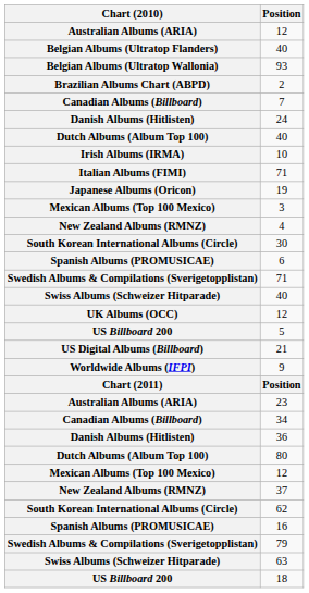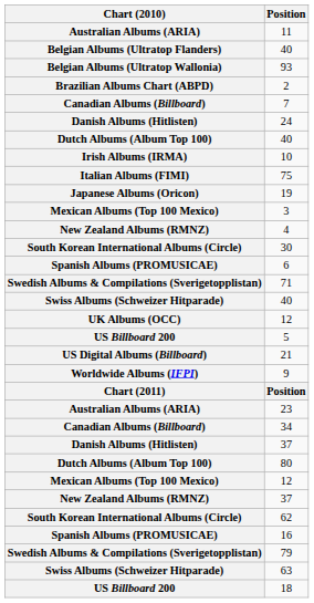 <table class="wikitable plainrowheaders" style="text-align:center">
 <tr>
 <th scope="col">Chart (2010)</th>
 <th scope="col">Position</th>
 </tr>
 <tr>
 <th scope="row">Australian Albums (ARIA)</th>
-<td>12</td>
+<td>11</td>
 </tr>
 <tr>
 <th scope="row">Belgian Albums (Ultratop Flanders)</th>
 <td>40</td>
 </tr>
 <tr>
 <th scope="row">Belgian Albums (Ultratop Wallonia)</th>
 <td>93</td>
 </tr>
 <tr>
 <th scope="row">Brazilian Albums Chart (ABPD)</th>
 <td>2</td>
 </tr>
 <tr>
 <th scope="row">Canadian Albums (<em>Billboard</em>)</th>
 <td>7</td>
 </tr>
 <tr>
 <th scope="row">Danish Albums (Hitlisten)</th>
 <td>24</td>
 </tr>
 <tr>
 <th scope="row">Dutch Albums (Album Top 100)</th>
 <td>40</td>
 </tr>
 <tr>
 <th scope="row">Irish Albums (IRMA)</th>
 <td>10</td>
 </tr>
 <tr>
 <th scope="row">Italian Albums (FIMI)</th>
-<td>71</td>
+<td>75</td>
 </tr>
 <tr>
 <th scope="row">Japanese Albums (Oricon)</th>
 <td>19</td>
 </tr>
 <tr>
 <th scope="row">Mexican Albums (Top 100 Mexico)</th>
 <td>3</td>
 </tr>
 <tr>
 <th scope="row">New Zealand Albums (RMNZ)</th>
 <td>4</td>
 </tr>
 <tr>
 <th scope="row">South Korean International Albums (Circle)</th>
 <td>30</td>
 </tr>
 <tr>
 <th scope="row">Spanish Albums (PROMUSICAE)</th>
 <td>6</td>
 </tr>
 <tr>
 <th scope="row">Swedish Albums & Compilations (Sverigetopplistan)</th>
 <td>71</td>
 </tr>
 <tr>
 <th scope="row">Swiss Albums (Schweizer Hitparade)</th>
 <td>40</td>
 </tr>
 <tr>
 <th scope="row">UK Albums (OCC)</th>
 <td>12</td>
 </tr>
 <tr>
 <th scope="row">US <em>Billboard</em> 200</th>
 <td>5</td>
 </tr>
 <tr>
 <th scope="row">US Digital Albums (<em>Billboard</em>)</th>
 <td>21</td>
 </tr>
 <tr>
 <th scope="row">Worldwide Albums (<em><a href='#'>IFPI</a></em>)</th>
 <td>9</td>
 </tr>
 <tr>
 <th scope="col">Chart (2011)</th>
 <th scope="col">Position</th>
 </tr>
 <tr>
 <th scope="row">Australian Albums (ARIA)</th>
 <td>23</td>
 </tr>
 <tr>
 <th scope="row">Canadian Albums (<em>Billboard</em>)</th>
 <td>34</td>
 </tr>
 <tr>
 <th scope="row">Danish Albums (Hitlisten)</th>
-<td>36</td>
+<td>37</td>
 </tr>
 <tr>
 <th scope="row">Dutch Albums (Album Top 100)</th>
 <td>80</td>
 </tr>
 <tr>
 <th scope="row">Mexican Albums (Top 100 Mexico)</th>
 <td>12</td>
 </tr>
 <tr>
 <th scope="row">New Zealand Albums (RMNZ)</th>
 <td>37</td>
 </tr>
 <tr>
 <th scope="row">South Korean International Albums (Circle)</th>
 <td>62</td>
 </tr>
 <tr>
 <th scope="row">Spanish Albums (PROMUSICAE)</th>
 <td>16</td>
 </tr>
 <tr>
 <th scope="row">Swedish Albums & Compilations (Sverigetopplistan)</th>
 <td>79</td>
 </tr>
 <tr>
 <th scope="row">Swiss Albums (Schweizer Hitparade)</th>
 <td>63</td>
 </tr>
 <tr>
 <th scope="row">US <em>Billboard</em> 200</th>
 <td>18</td>
 </tr>
 </table>
